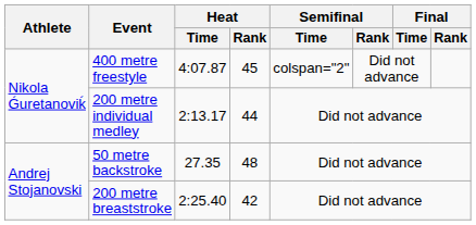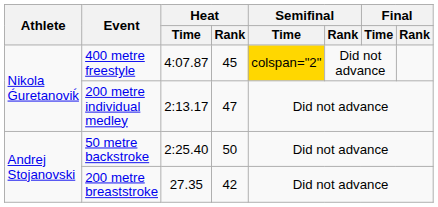 <table class="wikitable" style="text-align:center; font-size:90%; width:50%;">
 <tr>
 <th rowspan="2">Athlete</th>
 <th rowspan="2">Event</th>
 <th colspan="2">Heat</th>
 <th colspan="2">Semifinal</th>
 <th colspan="2">Final</th>
 </tr>
 <tr style="font-size:95%">
 <th>Time</th>
 <th>Rank</th>
 <th>Time</th>
 <th>Rank</th>
 <th>Time</th>
 <th>Rank</th>
 </tr>
 <tr>
 <td align=left rowspan=2><a href='#'>Nikola Ǵuretanoviḱ</a></td>
 <td align=left><a href='#'>400 metre freestyle</a></td>
 <td>4:07.87</td>
 <td>45</td>
-<td>colspan="2" </td>
+<td style="background: gold;">colspan="2" </td>
 <td colspan="2">Did not advance</td>
 </tr>
 <tr>
 <td align=left><a href='#'>200 metre individual medley</a></td>
 <td>2:13.17</td>
-<td>44</td>
+<td>47</td>
 <td colspan=4>Did not advance</td>
 </tr>
 <tr>
 <td align=left rowspan=2><a href='#'>Andrej Stojanovski</a></td>
 <td align=left><a href='#'>50 metre backstroke</a></td>
-<td>27.35</td>
-<td>48</td>
+<td>2:25.40</td>
+<td>50</td>
 <td colspan=4>Did not advance</td>
 </tr>
 <tr>
 <td align=left><a href='#'>200 metre breaststroke</a></td>
-<td>2:25.40</td>
+<td>27.35</td>
 <td>42</td>
 <td colspan=4>Did not advance</td>
 </tr>
 </table>
